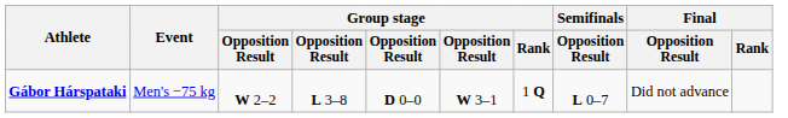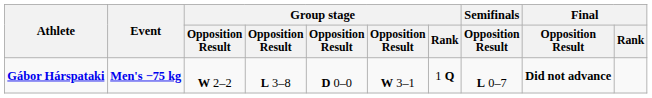 <table class=wikitable style=font-size:90%;text-align:center>
 <tr>
 <th rowspan=2>Athlete</th>
 <th rowspan=2>Event</th>
 <th colspan=5>Group stage</th>
 <th>Semifinals</th>
 <th colspan=2>Final</th>
 </tr>
 <tr style="font-size:95%">
 <th>Opposition<br>Result</th>
 <th>Opposition<br>Result</th>
 <th>Opposition<br>Result</th>
 <th>Opposition<br>Result</th>
 <th>Rank</th>
 <th>Opposition<br>Result</th>
 <th>Opposition<br>Result</th>
 <th>Rank</th>
 </tr>
 <tr>
 <td align=left><strong><a href='#'>Gábor Hárspataki</a></strong></td>
-<td align=left><a href='#'>Men's −75 kg</a></td>
+<td align=left><strong><a href='#'>Men's −75 kg</a></strong></td>
 <td><br><strong>W</strong> 2–2</td>
 <td><br><strong>L</strong> 3–8</td>
 <td><br><strong>D</strong> 0–0</td>
 <td><br><strong>W</strong> 3–1</td>
 <td>1 <strong>Q</strong></td>
 <td><br><strong>L</strong> 0–7</td>
-<td>Did not advance</td>
+<td><strong>Did not advance</strong></td>
 <td></td>
 </tr>
 </table>
